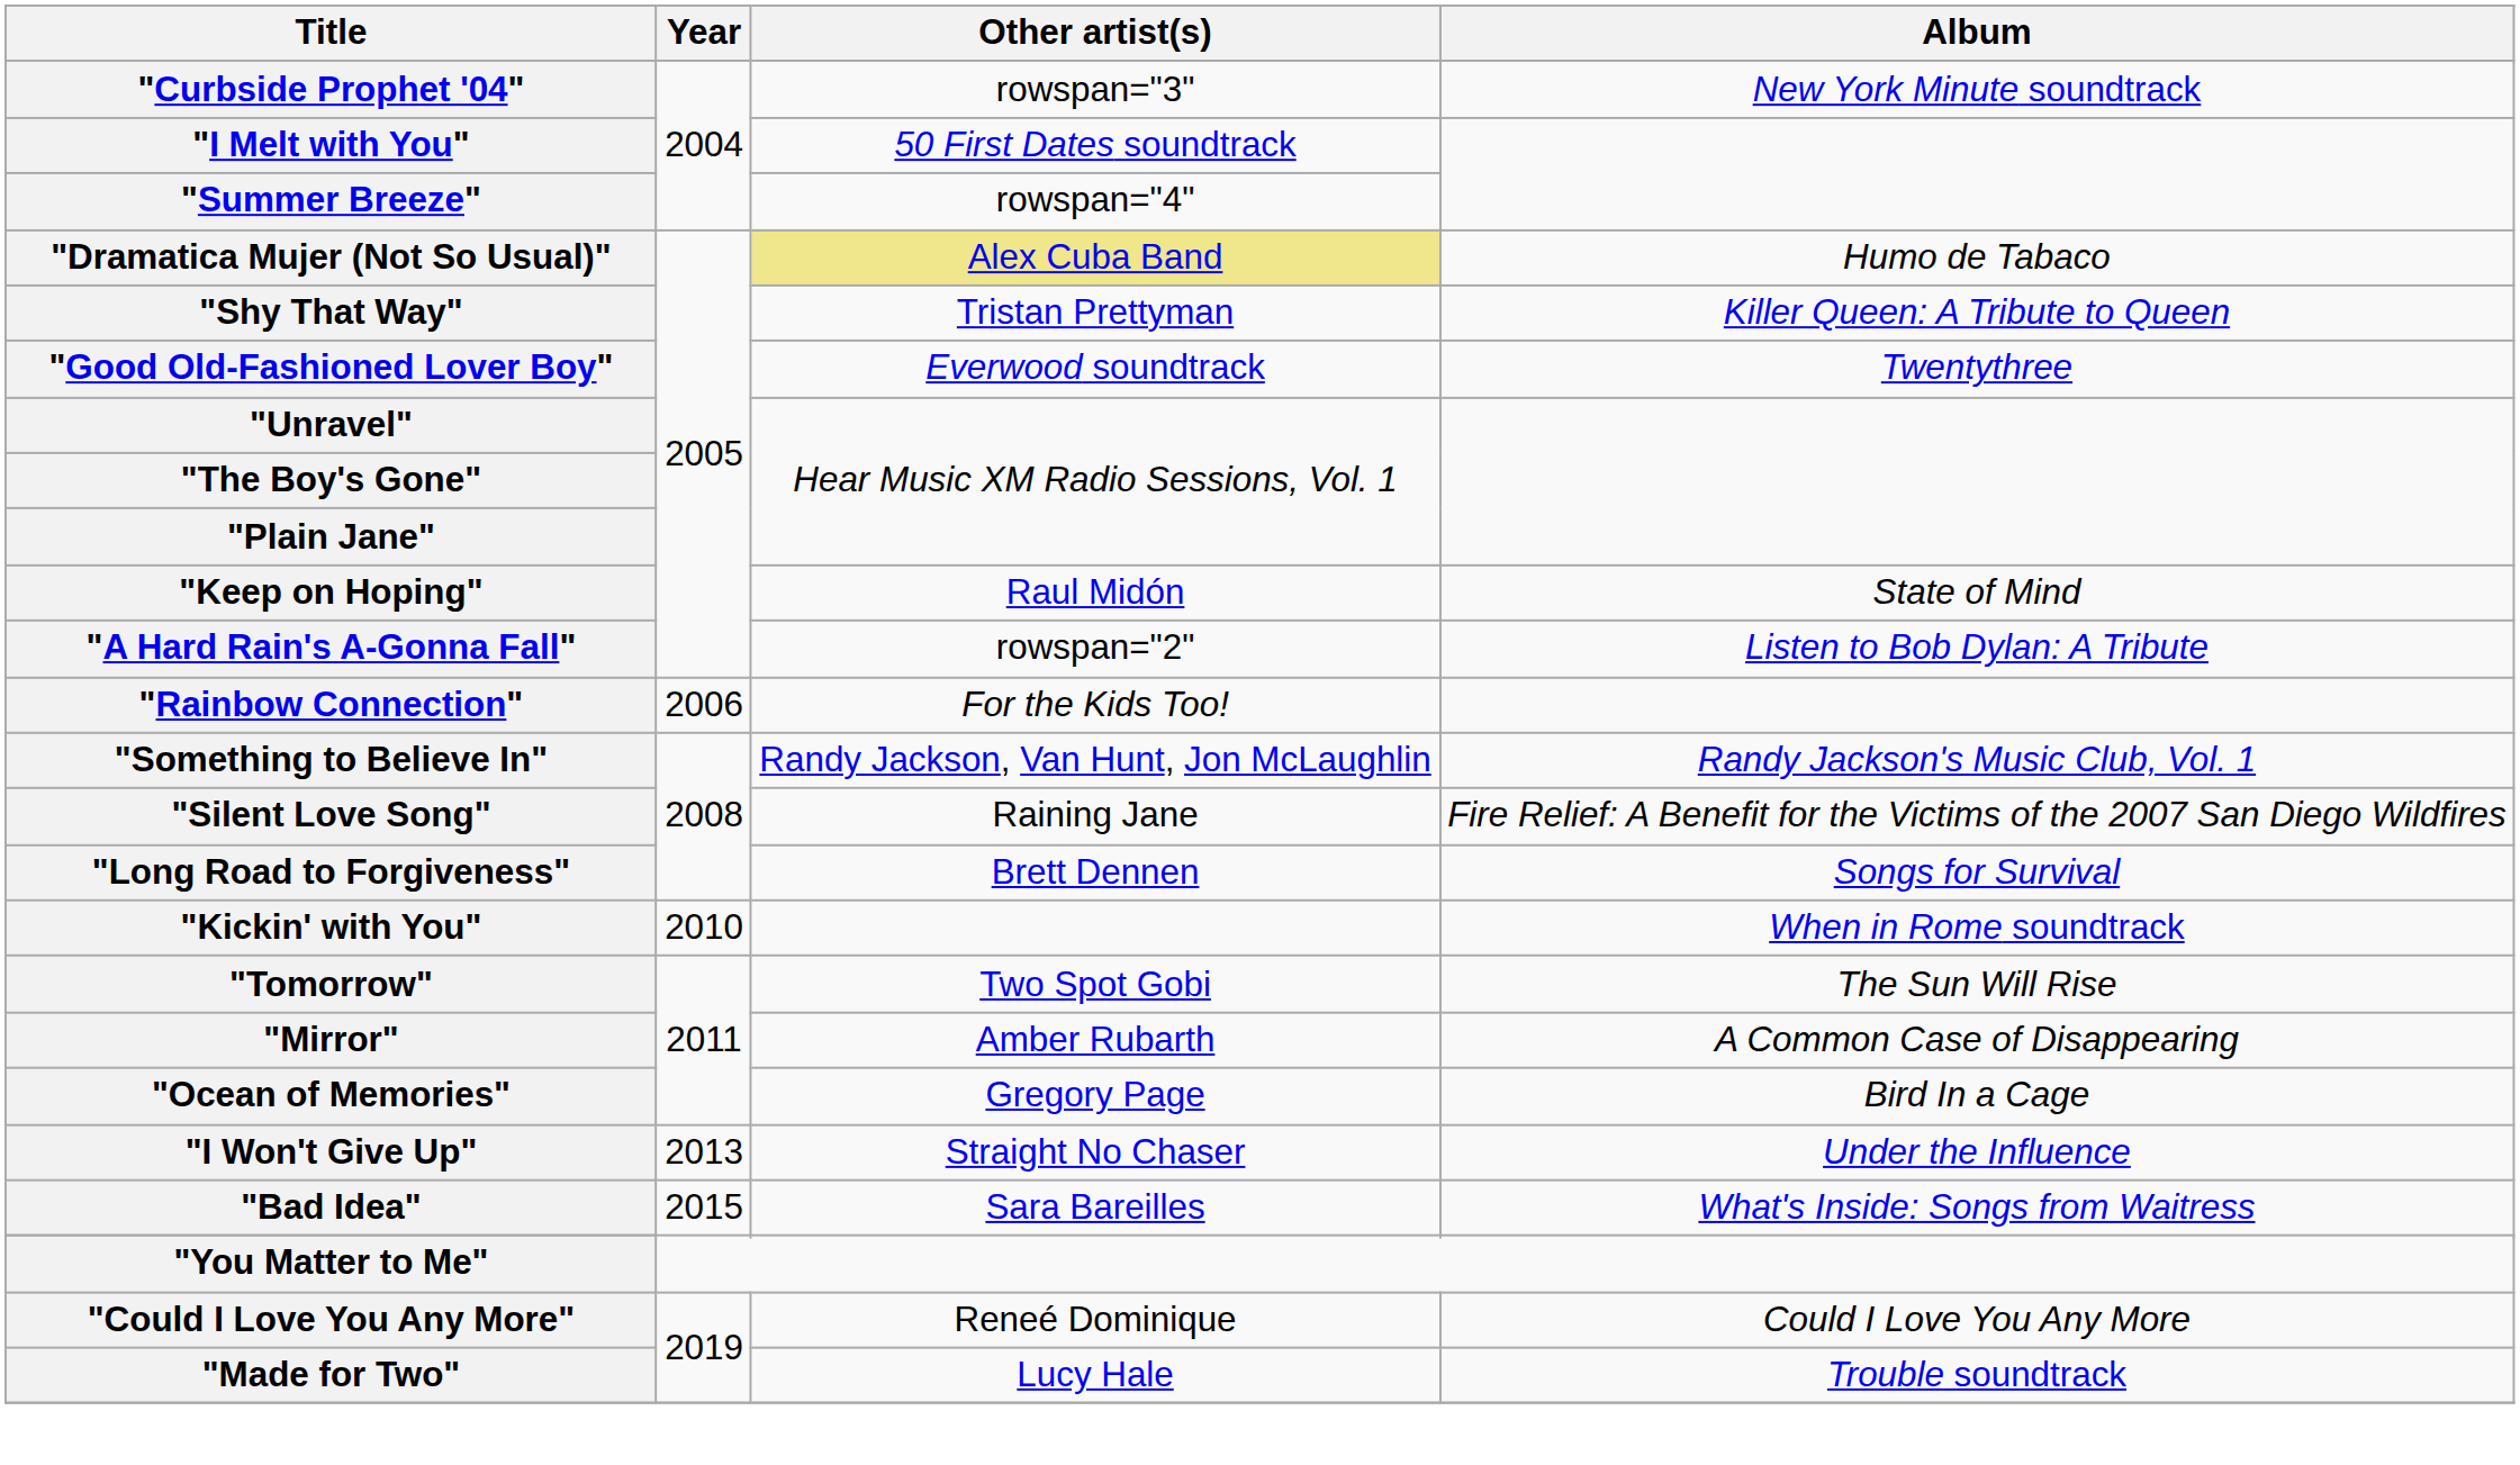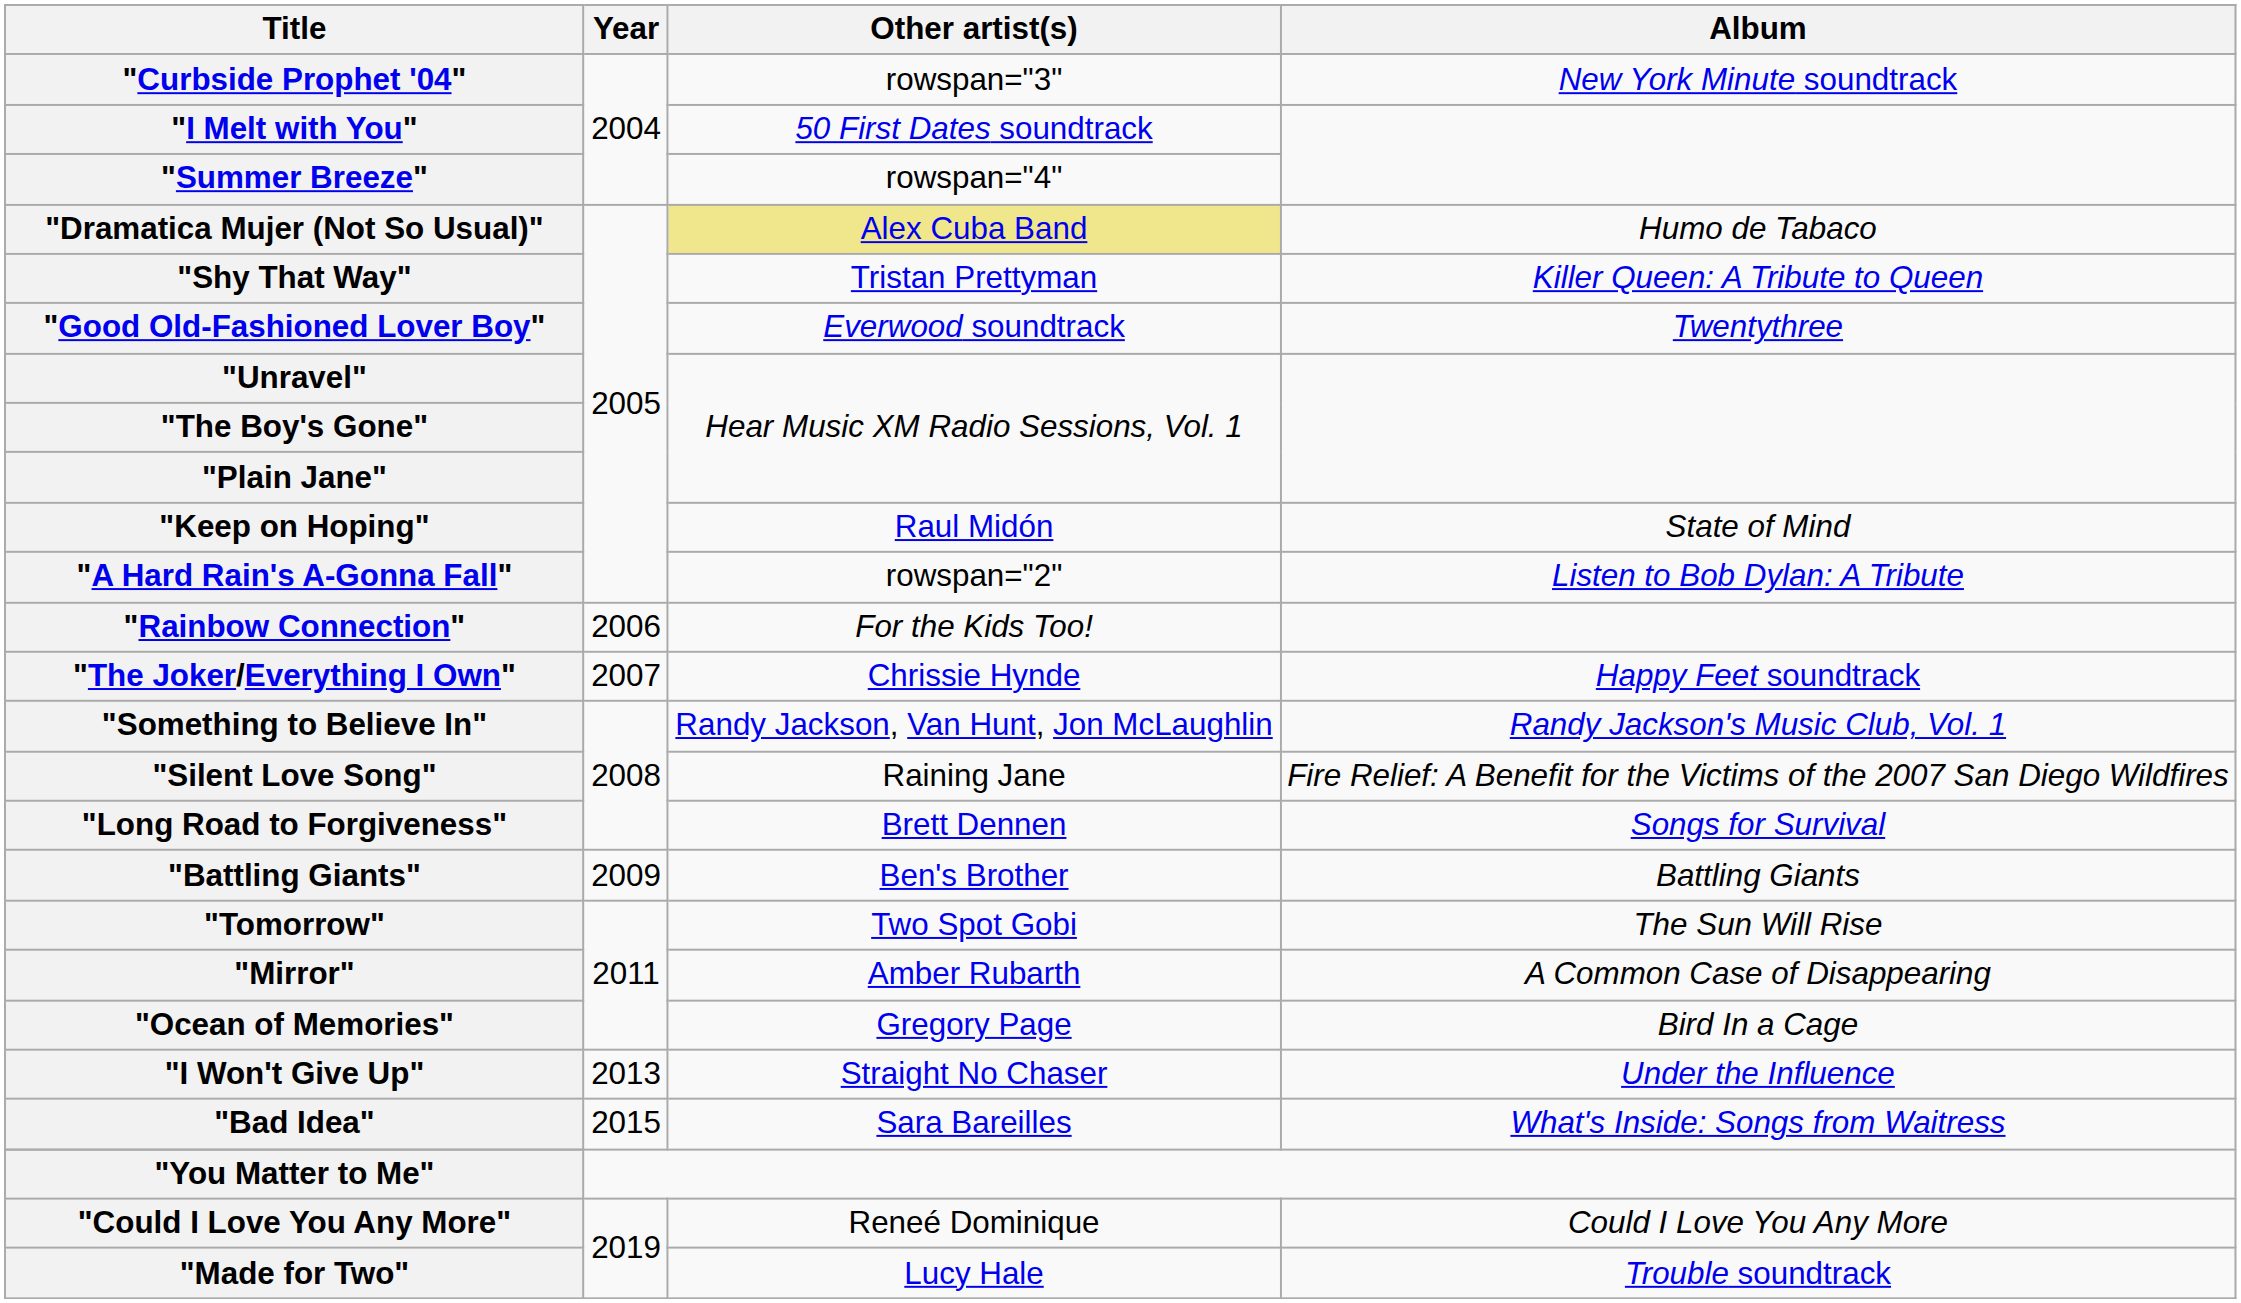 <table class="wikitable plainrowheaders" style="text-align:center;">
 <tr>
 <th scope="col" style="width:18em;">Title</th>
 <th scope="col">Year</th>
 <th scope="col">Other artist(s)</th>
 <th scope="col">Album</th>
 </tr>
 <tr>
 <th scope="row">"<a href='#'>Curbside Prophet '04</a>"</th>
 <td rowspan="3">2004</td>
 <td>rowspan="3" </td>
 <td><a href='#'><em>New York Minute</em> soundtrack</a></td>
 </tr>
 <tr>
 <th scope="row">"<a href='#'>I Melt with You</a>"</th>
 <td><a href='#'><em>50 First Dates</em> soundtrack</a></td>
 </tr>
 <tr>
 <th scope="row">"<a href='#'>Summer Breeze</a>"</th>
 <td>rowspan="4" </td>
 </tr>
 <tr>
 <th scope="row">"Dramatica Mujer (Not So Usual)"</th>
 <td rowspan="8">2005</td>
 <td style="background: khaki;"><a href='#'>Alex Cuba Band</a></td>
 <td><em>Humo de Tabaco</em></td>
 </tr>
 <tr>
 <th scope="row">"Shy That Way"</th>
 <td><a href='#'>Tristan Prettyman</a></td>
 <td><em><a href='#'>Killer Queen: A Tribute to Queen</a></em></td>
 </tr>
 <tr>
 <th scope="row">"<a href='#'>Good Old-Fashioned Lover Boy</a>"</th>
 <td><a href='#'><em>Everwood</em> soundtrack</a></td>
 <td><em><a href='#'>Twentythree</a></em></td>
 </tr>
 <tr>
 <th scope="row">"Unravel"</th>
 <td rowspan="3"><em>Hear Music XM Radio Sessions, Vol. 1</em></td>
 </tr>
 <tr>
 <th scope="row">"The Boy's Gone"</th>
 </tr>
 <tr>
 <th scope="row">"Plain Jane"</th>
 </tr>
 <tr>
 <th scope="row">"Keep on Hoping"</th>
 <td><a href='#'>Raul Midón</a></td>
 <td><em>State of Mind</em></td>
 </tr>
 <tr>
 <th scope="row">"<a href='#'>A Hard Rain's A-Gonna Fall</a>"</th>
 <td>rowspan="2" </td>
 <td><em><a href='#'>Listen to Bob Dylan: A Tribute</a></em></td>
 </tr>
 <tr>
 <th scope="row">"<a href='#'>Rainbow Connection</a>"</th>
 <td>2006</td>
 <td><em>For the Kids Too!</em></td>
 </tr>
 <tr>
+<th scope="row">"<a href='#'>The Joker</a>/<a href='#'>Everything I Own</a>"</th>
+<td>2007</td>
+<td><a href='#'>Chrissie Hynde</a></td>
+<td><a href='#'><em>Happy Feet</em> soundtrack</a></td>
+</tr>
+<tr>
 <th scope="row">"Something to Believe In"</th>
 <td rowspan="3">2008</td>
 <td><a href='#'>Randy Jackson</a>, <a href='#'>Van Hunt</a>, <a href='#'>Jon McLaughlin</a></td>
 <td><em><a href='#'>Randy Jackson's Music Club, Vol. 1</a></em></td>
 </tr>
 <tr>
 <th scope="row">"Silent Love Song"</th>
 <td>Raining Jane</td>
 <td><em>Fire Relief: A Benefit for the Victims of the 2007 San Diego Wildfires</em></td>
 </tr>
 <tr>
 <th scope="row">"Long Road to Forgiveness"</th>
 <td><a href='#'>Brett Dennen</a></td>
 <td><em><a href='#'>Songs for Survival</a></em></td>
 </tr>
 <tr>
-<th scope="row">"Kickin' with You"</th>
-<td>2010</td>
-<td></td>
-<td><a href='#'><em>When in Rome</em> soundtrack</a></td>
+<th scope="row">"Battling Giants"</th>
+<td>2009</td>
+<td><a href='#'>Ben's Brother</a></td>
+<td><em>Battling Giants</em></td>
 </tr>
 <tr>
 <th scope="row">"Tomorrow"</th>
 <td rowspan="3">2011</td>
 <td><a href='#'>Two Spot Gobi</a></td>
 <td><em>The Sun Will Rise</em></td>
 </tr>
 <tr>
 <th scope="row">"Mirror"</th>
 <td><a href='#'>Amber Rubarth</a></td>
 <td><em>A Common Case of Disappearing</em></td>
 </tr>
 <tr>
 <th scope="row">"Ocean of Memories"</th>
 <td><a href='#'>Gregory Page</a></td>
 <td><em>Bird In a Cage</em></td>
 </tr>
 <tr>
 <th scope="row">"I Won't Give Up"</th>
 <td>2013</td>
 <td><a href='#'>Straight No Chaser</a></td>
 <td><em><a href='#'>Under the Influence</a></em></td>
 </tr>
 <tr>
 <th scope="row">"Bad Idea"</th>
 <td rowspan="2">2015</td>
 <td rowspan="2"><a href='#'>Sara Bareilles</a></td>
 <td rowspan="2"><em><a href='#'>What's Inside: Songs from Waitress</a></em></td>
 </tr>
 <tr>
 </tr>
 <tr>
 <th scope="row">"You Matter to Me"</th>
 </tr>
 <tr>
 <th scope="row">"Could I Love You Any More"</th>
 <td rowspan="2">2019</td>
 <td>Reneé Dominique</td>
 <td><em>Could I Love You Any More</em></td>
 </tr>
 <tr>
 <th scope="row">"Made for Two"</th>
 <td><a href='#'>Lucy Hale</a></td>
 <td><a href='#'><em>Trouble</em> soundtrack</a></td>
 </tr>
 <tr>
 </tr>
 </table>
